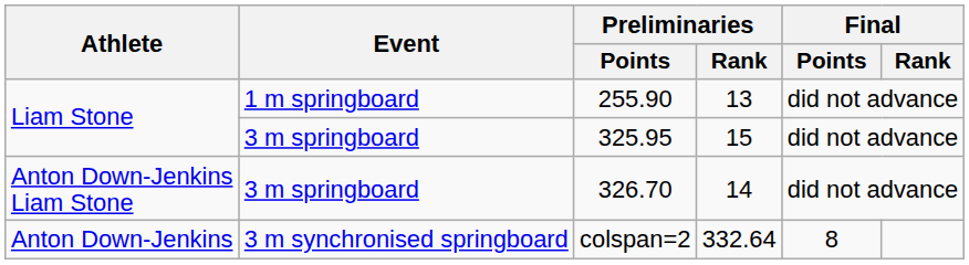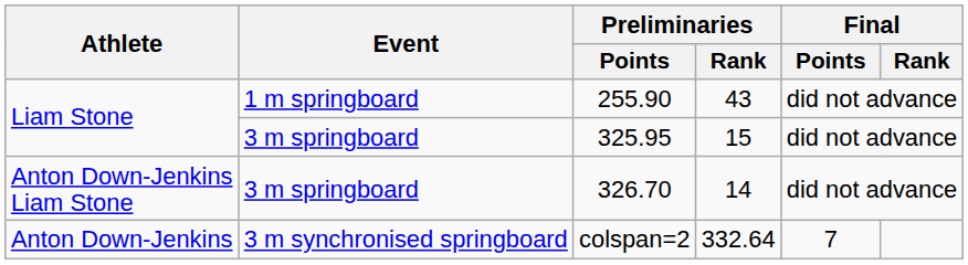 <table class="wikitable" style="font-size:90%;">
 <tr>
 <th rowspan=2>Athlete</th>
 <th rowspan=2>Event</th>
 <th colspan=2>Preliminaries</th>
 <th colspan=2>Final</th>
 </tr>
 <tr style="font-size:95%">
 <th>Points</th>
 <th>Rank</th>
 <th>Points</th>
 <th>Rank</th>
 </tr>
 <tr align=center>
 <td align=left rowspan=2><a href='#'>Liam Stone</a></td>
 <td align=left><a href='#'>1 m springboard</a></td>
 <td>255.90</td>
-<td>13</td>
+<td>43</td>
 <td colspan=2>did not advance</td>
 </tr>
 <tr align=center>
 <td align=left><a href='#'>3 m springboard</a></td>
 <td>325.95</td>
 <td>15</td>
 <td colspan=2>did not advance</td>
 </tr>
 <tr align=center>
 <td align=left><a href='#'>Anton Down-Jenkins</a><br><a href='#'>Liam Stone</a></td>
 <td align=left><a href='#'>3 m springboard</a></td>
 <td>326.70</td>
 <td>14</td>
 <td colspan=2>did not advance</td>
 </tr>
 <tr align=center>
 <td align=left><a href='#'>Anton Down-Jenkins</a></td>
 <td align=left><a href='#'>3 m synchronised springboard</a></td>
 <td>colspan=2 </td>
 <td>332.64</td>
-<td>8</td>
+<td>7</td>
 </tr>
 </table>
